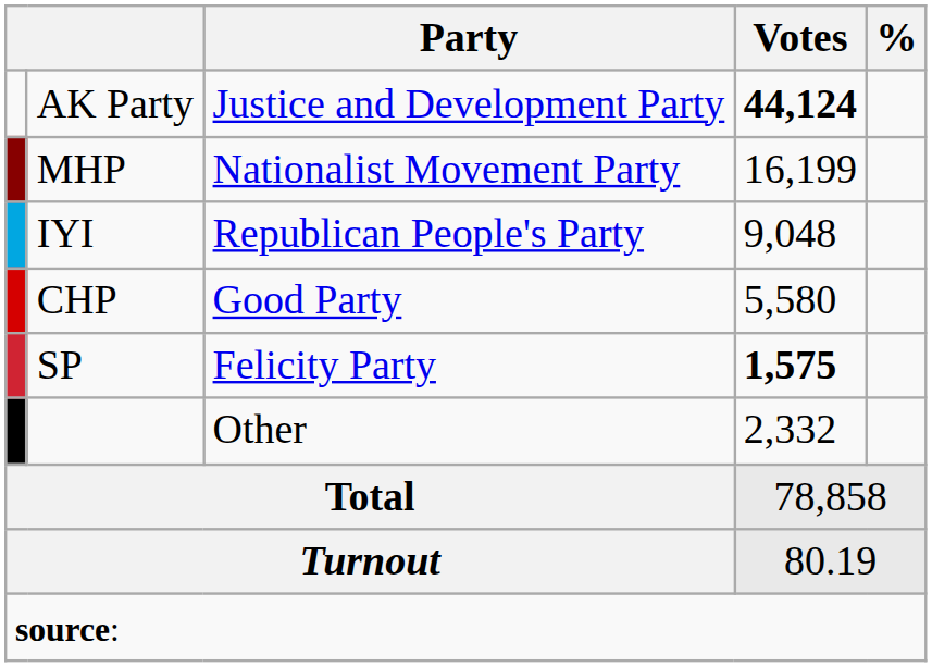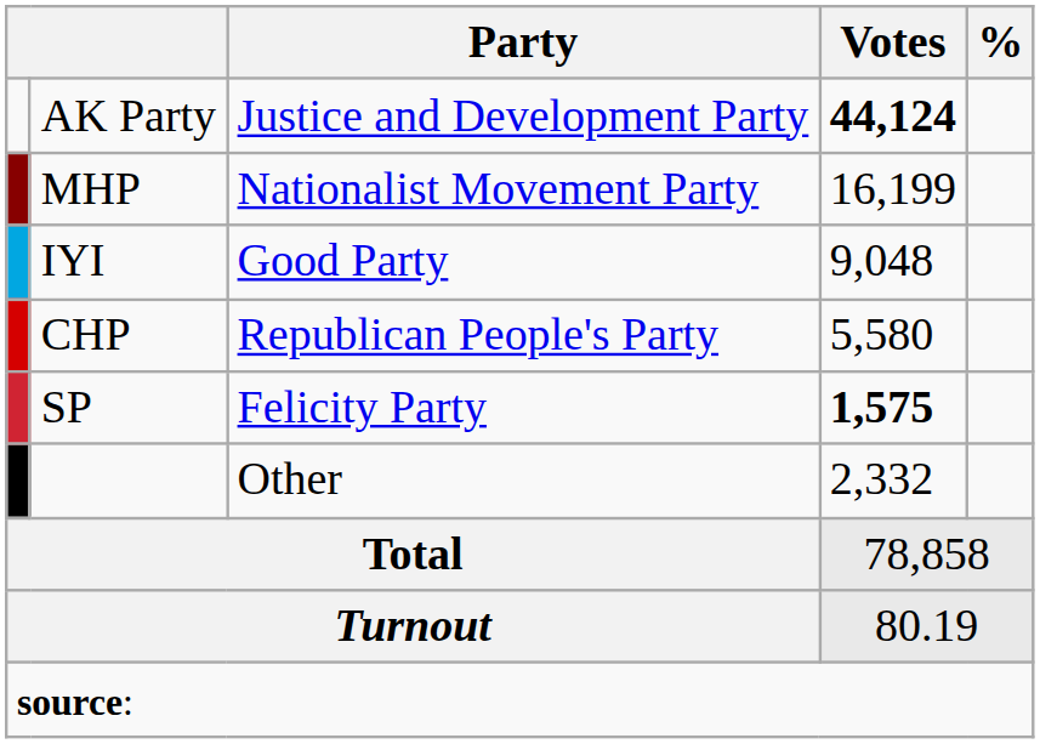 <table class="wikitable">
 <tr>
 <th colspan="2" align="center"></th>
 <th align="center">Party</th>
 <th align="center">Votes</th>
 <th align="center">%</th>
 </tr>
 <tr align="left">
 <td></td>
 <td>AK Party</td>
 <td><a href='#'>Justice and Development Party</a></td>
 <td><strong>44,124</strong></td>
 <td><strong></strong></td>
 </tr>
 <tr align="left">
 <td bgcolor="#870000" width="1"></td>
 <td>MHP</td>
 <td><a href='#'>Nationalist Movement Party</a></td>
 <td>16,199</td>
 <td></td>
 </tr>
 <tr align="left">
 <td bgcolor="#01A7E1" width="1"></td>
 <td>IYI</td>
-<td><a href='#'>Republican People's Party</a></td>
+<td><a href='#'>Good Party</a></td>
 <td>9,048</td>
 <td></td>
 </tr>
 <tr align="left">
 <td bgcolor="#d50000" width="1"></td>
 <td>CHP</td>
-<td><a href='#'>Good Party</a></td>
+<td><a href='#'>Republican People's Party</a></td>
 <td>5,580</td>
 <td></td>
 </tr>
 <tr align="left">
 <td bgcolor="#D02433" width="1"></td>
 <td>SP</td>
 <td><a href='#'>Felicity Party</a></td>
 <td><strong>1,575</strong></td>
 <td></td>
 </tr>
 <tr align="left">
 <td bgcolor=" " width="1"></td>
 <td></td>
 <td>Other</td>
 <td>2,332</td>
 <td></td>
 </tr>
 <tr align="left" style="background-color:#E9E9E9">
 <th colspan="3" align="center"><strong>Total</strong></th>
 <td colspan="5" align="center">78,858</td>
 </tr>
 <tr align="left" style="background-color:#E9E9E9">
 <th colspan="3" align="center"><em>Turnout</em></th>
 <td colspan="5" align="center">80.19</td>
 </tr>
 <tr>
 <td colspan="9" align="left"><small><strong>source</strong>: </small></td>
 </tr>
 </table>
